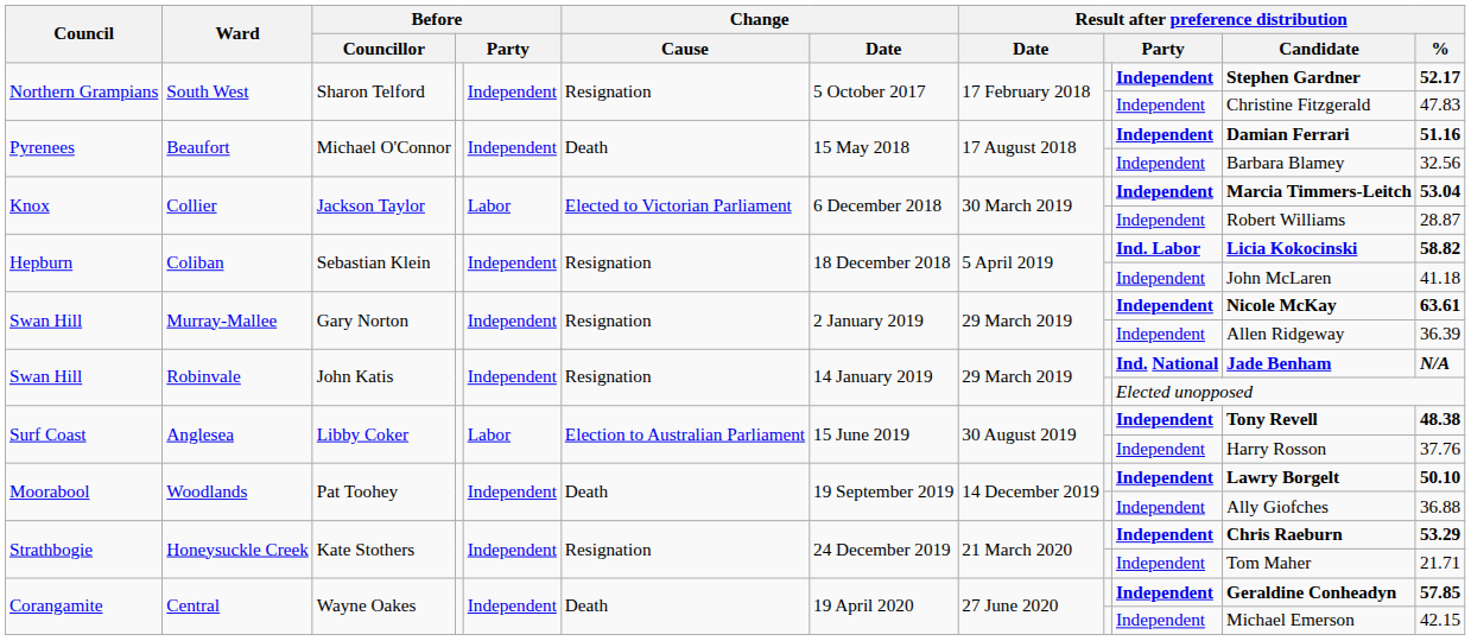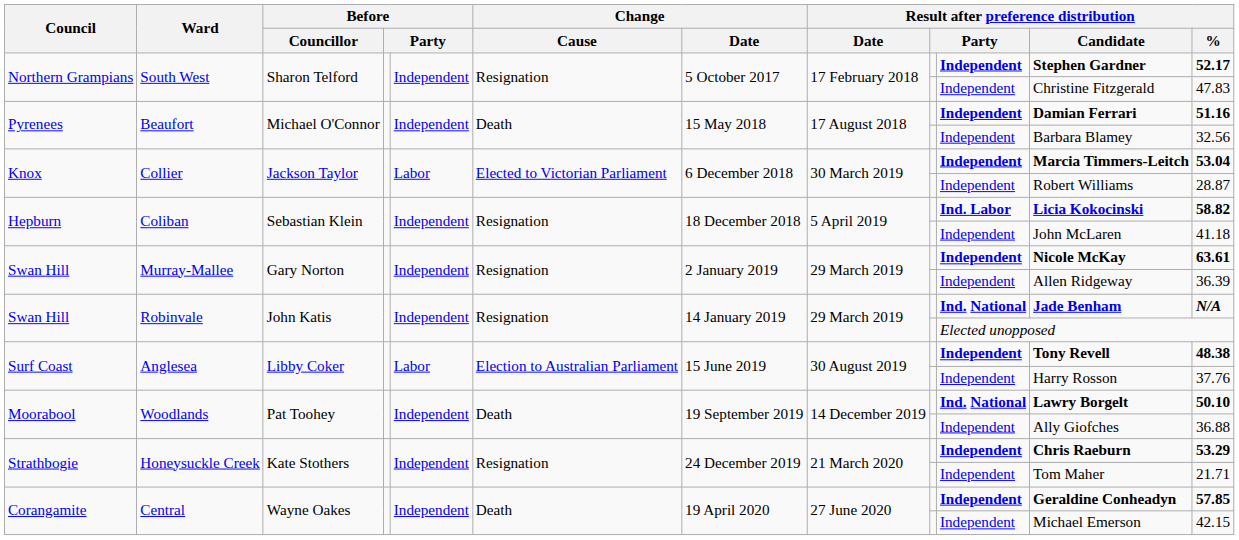 <table class="wikitable sortable" style="border: none;">
 <tr>
 <th rowspan="2">Council</th>
 <th rowspan="2">Ward</th>
 <th colspan="3">Before</th>
 <th colspan="2">Change</th>
 <th colspan="7">Result after <a href='#'>preference distribution</a></th>
 </tr>
 <tr>
 <th>Councillor</th>
 <th colspan="2">Party</th>
 <th>Cause</th>
 <th>Date</th>
 <th>Date</th>
 <th colspan="2">Party</th>
 <th>Candidate</th>
 <th>%</th>
 </tr>
 <tr>
 <td rowspan="2"><a href='#'>Northern Grampians</a></td>
 <td rowspan="2"><a href='#'>South West</a></td>
 <td rowspan="2">Sharon Telford</td>
 <td rowspan="2" ></td>
 <td rowspan="2"><a href='#'>Independent</a></td>
 <td rowspan="2">Resignation</td>
 <td rowspan="2">5 October 2017</td>
 <td rowspan="2">17 February 2018</td>
 <td></td>
 <td><strong><a href='#'>Independent</a></strong></td>
 <td><strong>Stephen Gardner</strong></td>
 <td><strong>52.17</strong></td>
 </tr>
 <tr>
 <td></td>
 <td><a href='#'>Independent</a></td>
 <td>Christine Fitzgerald</td>
 <td>47.83</td>
 </tr>
 <tr>
 <td rowspan="2"><a href='#'>Pyrenees</a></td>
 <td rowspan="2"><a href='#'>Beaufort</a></td>
 <td rowspan="2">Michael O'Connor</td>
 <td rowspan="2" ></td>
 <td rowspan="2"><a href='#'>Independent</a></td>
 <td rowspan="2">Death</td>
 <td rowspan="2">15 May 2018</td>
 <td rowspan="2">17 August 2018</td>
 <td></td>
 <td><strong><a href='#'>Independent</a></strong></td>
 <td><strong>Damian Ferrari</strong></td>
 <td><strong>51.16</strong></td>
 </tr>
 <tr>
 <td></td>
 <td><a href='#'>Independent</a></td>
 <td>Barbara Blamey</td>
 <td>32.56</td>
 </tr>
 <tr>
 <td rowspan="2"><a href='#'>Knox</a></td>
 <td rowspan="2"><a href='#'>Collier</a></td>
 <td rowspan="2"><a href='#'>Jackson Taylor</a></td>
 <td rowspan="2" ></td>
 <td rowspan="2"><a href='#'>Labor</a></td>
 <td rowspan="2"><a href='#'>Elected to Victorian Parliament</a></td>
 <td rowspan="2">6 December 2018</td>
 <td rowspan="2">30 March 2019</td>
 <td></td>
 <td><strong><a href='#'>Independent</a></strong></td>
 <td><strong>Marcia Timmers-Leitch</strong></td>
 <td><strong>53.04</strong></td>
 </tr>
 <tr>
 <td></td>
 <td><a href='#'>Independent</a></td>
 <td>Robert Williams</td>
 <td>28.87</td>
 </tr>
 <tr>
 <td rowspan="2"><a href='#'>Hepburn</a></td>
 <td rowspan="2"><a href='#'>Coliban</a></td>
 <td rowspan="2">Sebastian Klein</td>
 <td rowspan="2" ></td>
 <td rowspan="2"><a href='#'>Independent</a></td>
 <td rowspan="2">Resignation</td>
 <td rowspan="2">18 December 2018</td>
 <td rowspan="2">5 April 2019</td>
 <td></td>
 <td><strong><a href='#'>Ind. Labor</a></strong></td>
 <td><strong><a href='#'>Licia Kokocinski</a></strong></td>
 <td><strong>58.82</strong></td>
 </tr>
 <tr>
 <td></td>
 <td><a href='#'>Independent</a></td>
 <td>John McLaren</td>
 <td>41.18</td>
 </tr>
 <tr>
 <td rowspan="2"><a href='#'>Swan Hill</a></td>
 <td rowspan="2"><a href='#'>Murray-Mallee</a></td>
 <td rowspan="2">Gary Norton</td>
 <td rowspan="2" ></td>
 <td rowspan="2"><a href='#'>Independent</a></td>
 <td rowspan="2">Resignation</td>
 <td rowspan="2">2 January 2019</td>
 <td rowspan="2">29 March 2019</td>
 <td></td>
 <td><strong><a href='#'>Independent</a></strong></td>
 <td><strong>Nicole McKay</strong></td>
 <td><strong>63.61</strong></td>
 </tr>
 <tr>
 <td></td>
 <td><a href='#'>Independent</a></td>
 <td>Allen Ridgeway</td>
 <td>36.39</td>
 </tr>
 <tr>
 <td rowspan="2"><a href='#'>Swan Hill</a></td>
 <td rowspan="2"><a href='#'>Robinvale</a></td>
 <td rowspan="2">John Katis</td>
 <td rowspan="2" ></td>
 <td rowspan="2"><a href='#'>Independent</a></td>
 <td rowspan="2">Resignation</td>
 <td rowspan="2">14 January 2019</td>
 <td rowspan="2">29 March 2019</td>
 <td></td>
 <td><strong><a href='#'>Ind.</a> <a href='#'>National</a></strong></td>
 <td><strong><a href='#'>Jade Benham</a></strong></td>
 <td><strong><em>N/A</em></strong></td>
 </tr>
 <tr>
 <td></td>
 <td colspan="3"><em>Elected unopposed</em></td>
 </tr>
 <tr>
 <td rowspan="2"><a href='#'>Surf Coast</a></td>
 <td rowspan="2"><a href='#'>Anglesea</a></td>
 <td rowspan="2"><a href='#'>Libby Coker</a></td>
 <td rowspan="2" ></td>
 <td rowspan="2"><a href='#'>Labor</a></td>
 <td rowspan="2"><a href='#'>Election to Australian Parliament</a></td>
 <td rowspan="2">15 June 2019</td>
 <td rowspan="2">30 August 2019</td>
 <td></td>
 <td><strong><a href='#'>Independent</a></strong></td>
 <td><strong>Tony Revell</strong></td>
 <td><strong>48.38</strong></td>
 </tr>
 <tr>
 <td></td>
 <td><a href='#'>Independent</a></td>
 <td>Harry Rosson</td>
 <td>37.76</td>
 </tr>
 <tr>
 <td rowspan="2"><a href='#'>Moorabool</a></td>
 <td rowspan="2"><a href='#'>Woodlands</a></td>
 <td rowspan="2">Pat Toohey</td>
 <td rowspan="2" ></td>
 <td rowspan="2"><a href='#'>Independent</a></td>
 <td rowspan="2">Death</td>
 <td rowspan="2">19 September 2019</td>
 <td rowspan="2">14 December 2019</td>
 <td></td>
-<td><strong><a href='#'>Independent</a></strong></td>
+<td><strong><a href='#'>Ind.</a> <a href='#'>National</a></strong></td>
 <td><strong>Lawry Borgelt</strong></td>
 <td><strong>50.10</strong></td>
 </tr>
 <tr>
 <td></td>
 <td><a href='#'>Independent</a></td>
 <td>Ally Giofches</td>
 <td>36.88</td>
 </tr>
 <tr>
 <td rowspan="2"><a href='#'>Strathbogie</a></td>
 <td rowspan="2"><a href='#'>Honeysuckle Creek</a></td>
 <td rowspan="2">Kate Stothers</td>
 <td rowspan="2" ></td>
 <td rowspan="2"><a href='#'>Independent</a></td>
 <td rowspan="2">Resignation</td>
 <td rowspan="2">24 December 2019</td>
 <td rowspan="2">21 March 2020</td>
 <td></td>
 <td><strong><a href='#'>Independent</a></strong></td>
 <td><strong>Chris Raeburn</strong></td>
 <td><strong>53.29</strong></td>
 </tr>
 <tr>
 <td></td>
 <td><a href='#'>Independent</a></td>
 <td>Tom Maher</td>
 <td>21.71</td>
 </tr>
 <tr>
 <td rowspan="2"><a href='#'>Corangamite</a></td>
 <td rowspan="2"><a href='#'>Central</a></td>
 <td rowspan="2">Wayne Oakes</td>
 <td rowspan="2" ></td>
 <td rowspan="2"><a href='#'>Independent</a></td>
 <td rowspan="2">Death</td>
 <td rowspan="2">19 April 2020</td>
 <td rowspan="2">27 June 2020</td>
 <td></td>
 <td><strong><a href='#'>Independent</a></strong></td>
 <td><strong>Geraldine Conheadyn</strong></td>
 <td><strong>57.85</strong></td>
 </tr>
 <tr>
 <td></td>
 <td><a href='#'>Independent</a></td>
 <td>Michael Emerson</td>
 <td>42.15</td>
 </tr>
 </table>
